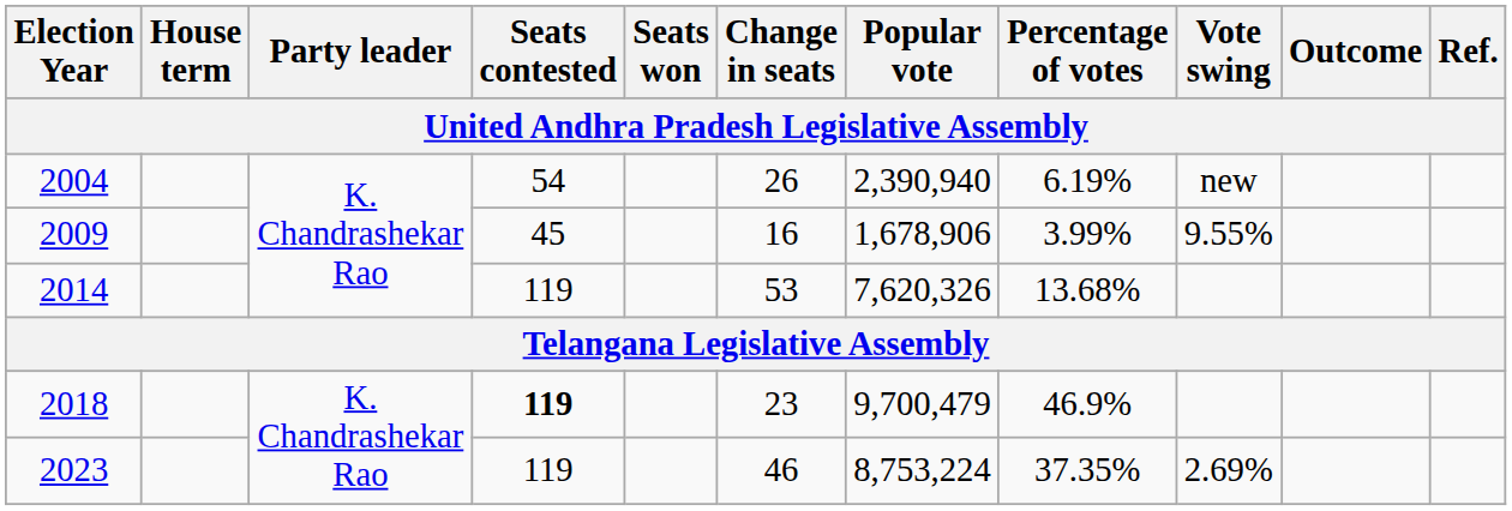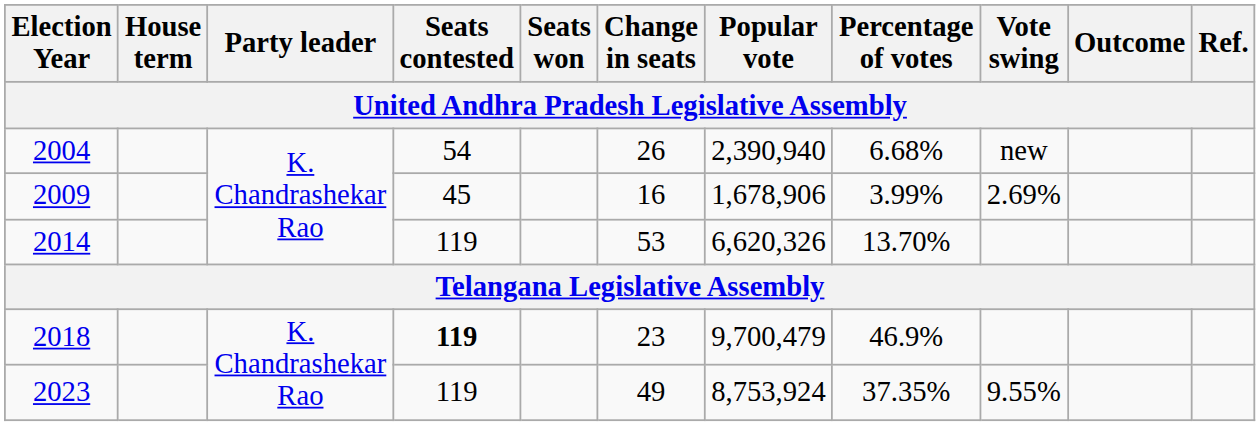 <table class="wikitable sortable" style="text-align:center;">
 <tr>
 <th Style="background-color:">Election Year</th>
 <th Style="background-color:">House term</th>
 <th Style="background-color:">Party leader</th>
 <th Style="background-color:">Seats contested</th>
 <th Style="background-color:">Seats won</th>
 <th Style="background-color:">Change in seats</th>
 <th Style="background-color:">Popular vote</th>
 <th Style="background-color:">Percentage of votes</th>
 <th Style="background-color:">Vote swing</th>
 <th Style="background-color:">Outcome</th>
 <th Style="background-color:">Ref.</th>
 </tr>
 <tr>
 <th colspan=11><a href='#'>United Andhra Pradesh Legislative Assembly</a></th>
 </tr>
 <tr>
 <td><a href='#'>2004</a></td>
 <td></td>
 <td rowspan=3><a href='#'>K. Chandrashekar Rao</a></td>
 <td>54</td>
 <td></td>
 <td> 26</td>
 <td>2,390,940</td>
-<td>6.19%</td>
+<td>6.68%</td>
 <td> new</td>
 <td></td>
 <td></td>
 </tr>
 <tr>
 <td><a href='#'>2009</a></td>
 <td></td>
 <td>45</td>
 <td></td>
 <td> 16</td>
 <td>1,678,906</td>
 <td>3.99%</td>
-<td> 9.55%</td>
+<td> 2.69%</td>
 <td></td>
 <td></td>
 </tr>
 <tr>
 <td><a href='#'>2014</a></td>
 <td></td>
 <td>119</td>
 <td></td>
 <td> 53</td>
-<td>7,620,326</td>
-<td>13.68%</td>
+<td>6,620,326</td>
+<td>13.70%</td>
 <td></td>
 <td> </td>
 <td></td>
 </tr>
 <tr>
 <th colspan=11><a href='#'>Telangana Legislative Assembly</a></th>
 </tr>
 <tr>
 <td><a href='#'>2018</a></td>
 <td></td>
 <td rowspan=2><a href='#'>K. Chandrashekar Rao</a></td>
 <td><strong>119</strong></td>
 <td></td>
 <td> 23</td>
 <td>9,700,479</td>
 <td>46.9%</td>
 <td></td>
 <td></td>
 <td></td>
 </tr>
 <tr>
 <td><a href='#'>2023</a></td>
 <td></td>
 <td>119</td>
 <td></td>
-<td> 46</td>
-<td>8,753,224</td>
+<td> 49</td>
+<td>8,753,924</td>
 <td>37.35%</td>
-<td> 2.69%</td>
+<td> 9.55%</td>
 <td></td>
 <td></td>
 </tr>
 </table>
